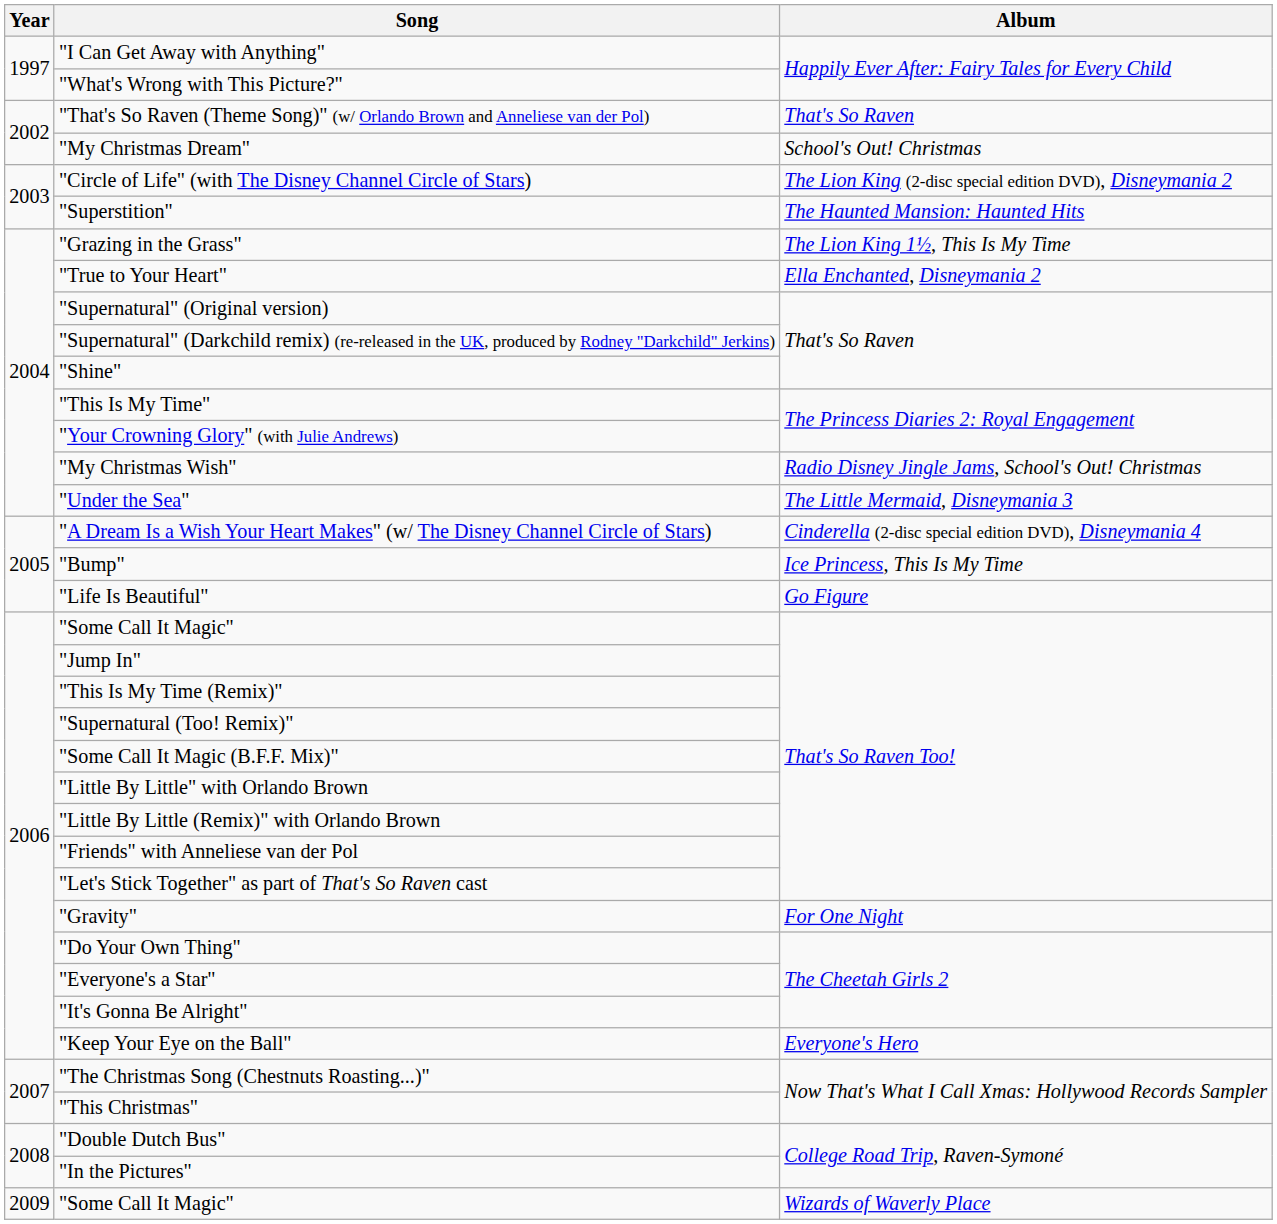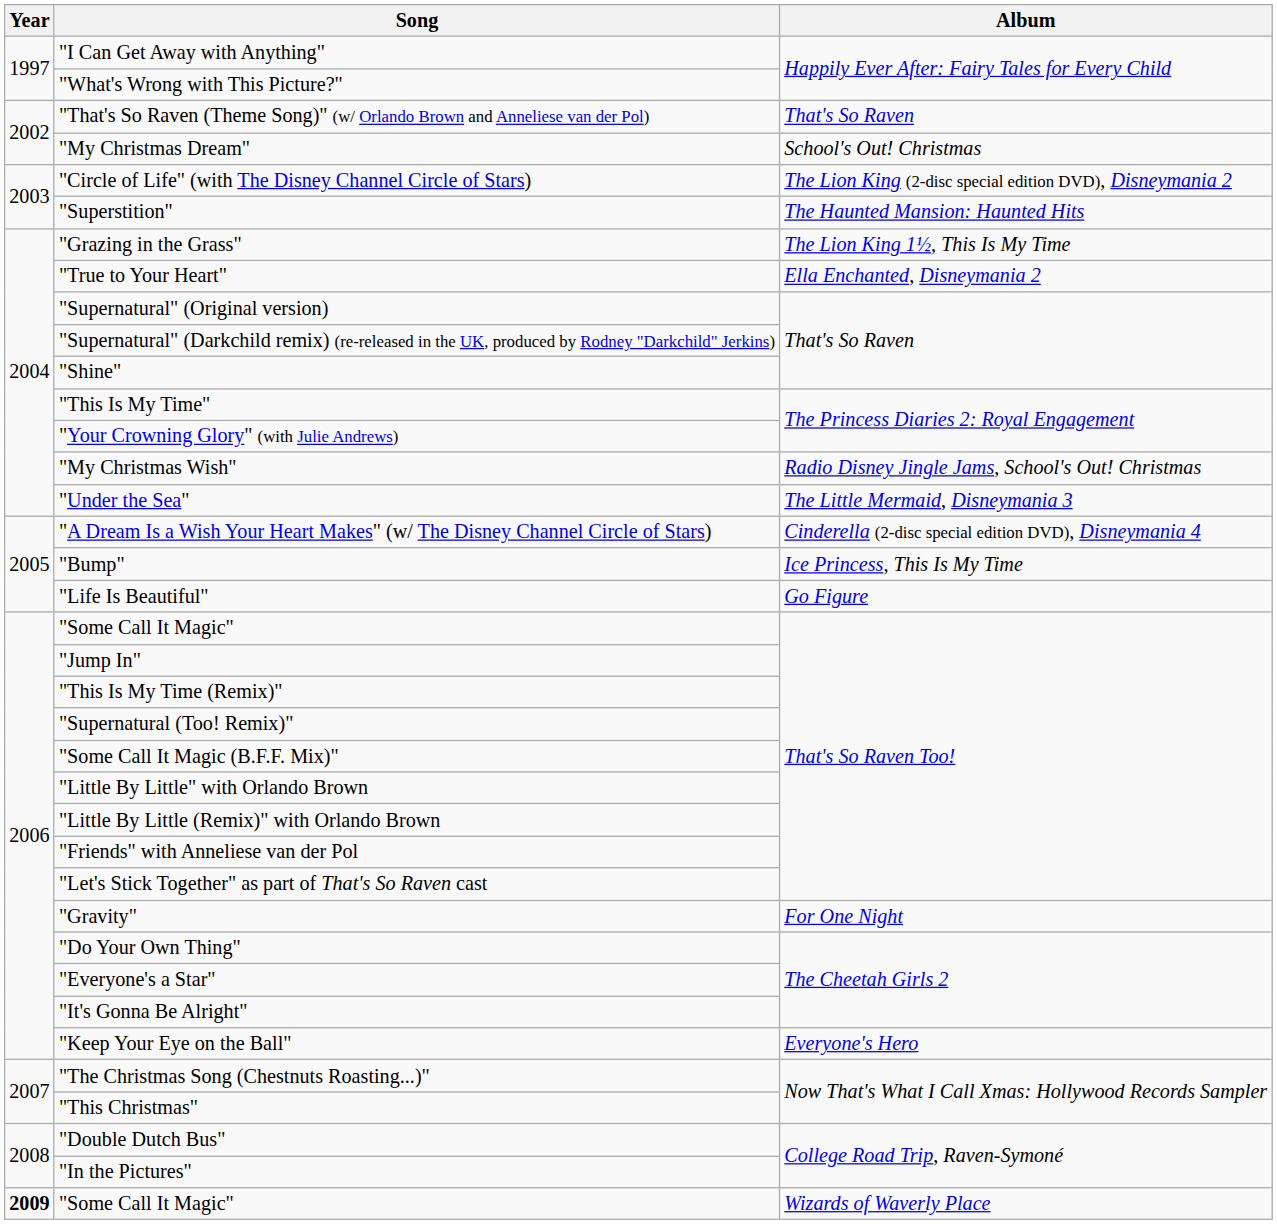 <table class="wikitable">
 <tr>
 <th>Year</th>
 <th>Song</th>
 <th>Album</th>
 </tr>
 <tr>
 <td rowspan=2>1997</td>
 <td>"I Can Get Away with Anything"</td>
 <td rowspan=2><em><a href='#'>Happily Ever After: Fairy Tales for Every Child</a></em></td>
 </tr>
 <tr>
 <td>"What's Wrong with This Picture?"</td>
 </tr>
 <tr>
 <td rowspan=2>2002</td>
 <td>"That's So Raven (Theme Song)" <small>(w/ <a href='#'>Orlando Brown</a> and <a href='#'>Anneliese van der Pol</a>)</small></td>
 <td><em><a href='#'>That's So Raven</a></em></td>
 </tr>
 <tr>
 <td>"My Christmas Dream"</td>
 <td><em>School's Out! Christmas</em></td>
 </tr>
 <tr>
 <td rowspan=2>2003</td>
 <td>"Circle of Life" (with <a href='#'>The Disney Channel Circle of Stars</a>)</td>
 <td><em><a href='#'>The Lion King</a></em> <small>(2-disc special edition DVD)</small>, <em><a href='#'>Disneymania 2</a></em></td>
 </tr>
 <tr>
 <td>"Superstition"</td>
 <td><em><a href='#'>The Haunted Mansion: Haunted Hits</a></em></td>
 </tr>
 <tr>
 <td rowspan=9>2004</td>
 <td>"Grazing in the Grass"</td>
 <td><em><a href='#'>The Lion King 1½</a></em>, <em>This Is My Time</em></td>
 </tr>
 <tr>
 <td>"True to Your Heart"</td>
 <td><em><a href='#'>Ella Enchanted</a></em>, <em><a href='#'>Disneymania 2</a></em></td>
 </tr>
 <tr>
 <td>"Supernatural" (Original version)</td>
 <td rowspan=3><em>That's So Raven</em></td>
 </tr>
 <tr>
 <td>"Supernatural" (Darkchild remix) <small>(re-released in the <a href='#'>UK</a>, produced by <a href='#'>Rodney "Darkchild" Jerkins</a>)</small></td>
 </tr>
 <tr>
 <td>"Shine"</td>
 </tr>
 <tr>
 <td>"This Is My Time"</td>
 <td rowspan=2><em><a href='#'>The Princess Diaries 2: Royal Engagement</a></em></td>
 </tr>
 <tr>
 <td>"<a href='#'>Your Crowning Glory</a>" <small>(with <a href='#'>Julie Andrews</a>)</small></td>
 </tr>
 <tr>
 <td>"My Christmas Wish"</td>
 <td><em><a href='#'>Radio Disney Jingle Jams</a></em>, <em>School's Out! Christmas</em></td>
 </tr>
 <tr>
 <td>"<a href='#'>Under the Sea</a>"</td>
 <td><em><a href='#'>The Little Mermaid</a></em>, <em><a href='#'>Disneymania 3</a></em></td>
 </tr>
 <tr>
 <td rowspan=3>2005</td>
 <td>"<a href='#'>A Dream Is a Wish Your Heart Makes</a>" (w/ <a href='#'>The Disney Channel Circle of Stars</a>)</td>
 <td><em><a href='#'>Cinderella</a></em> <small>(2-disc special edition DVD)</small>, <em><a href='#'>Disneymania 4</a></em></td>
 </tr>
 <tr>
 <td>"Bump"</td>
 <td><em><a href='#'>Ice Princess</a></em>, <em>This Is My Time</em></td>
 </tr>
 <tr>
 <td>"Life Is Beautiful"</td>
 <td><em><a href='#'>Go Figure</a></em></td>
 </tr>
 <tr>
 <td rowspan=14>2006</td>
 <td>"Some Call It Magic"</td>
 <td rowspan=9><em><a href='#'>That's So Raven Too!</a></em></td>
 </tr>
 <tr>
 <td>"Jump In"</td>
 </tr>
 <tr>
 <td>"This Is My Time (Remix)"</td>
 </tr>
 <tr>
 <td>"Supernatural (Too! Remix)"</td>
 </tr>
 <tr>
 <td>"Some Call It Magic (B.F.F. Mix)"</td>
 </tr>
 <tr>
 <td>"Little By Little" with Orlando Brown</td>
 </tr>
 <tr>
 <td>"Little By Little (Remix)" with Orlando Brown</td>
 </tr>
 <tr>
 <td>"Friends" with Anneliese van der Pol</td>
 </tr>
 <tr>
 <td>"Let's Stick Together" as part of <em>That's So Raven</em> cast</td>
 </tr>
 <tr>
 <td>"Gravity"</td>
 <td><em><a href='#'>For One Night</a></em></td>
 </tr>
 <tr>
 <td>"Do Your Own Thing"</td>
 <td rowspan=3><em><a href='#'>The Cheetah Girls 2</a></em></td>
 </tr>
 <tr>
 <td>"Everyone's a Star"</td>
 </tr>
 <tr>
 <td>"It's Gonna Be Alright"</td>
 </tr>
 <tr>
 <td>"Keep Your Eye on the Ball"</td>
 <td><em><a href='#'>Everyone's Hero</a></em></td>
 </tr>
 <tr>
 <td rowspan=2>2007</td>
 <td>"The Christmas Song (Chestnuts Roasting...)"</td>
 <td rowspan=2><em>Now That's What I Call Xmas: Hollywood Records Sampler</em></td>
 </tr>
 <tr>
 <td>"This Christmas"</td>
 </tr>
 <tr>
 <td rowspan=2>2008</td>
 <td>"Double Dutch Bus"</td>
 <td rowspan=2><em><a href='#'>College Road Trip</a></em>, <em>Raven-Symoné</em></td>
 </tr>
 <tr>
 <td>"In the Pictures"</td>
 </tr>
 <tr>
-<td>2009</td>
+<td><strong>2009</strong></td>
 <td>"Some Call It Magic"</td>
 <td><em><a href='#'>Wizards of Waverly Place</a></em></td>
 </tr>
 </table>
